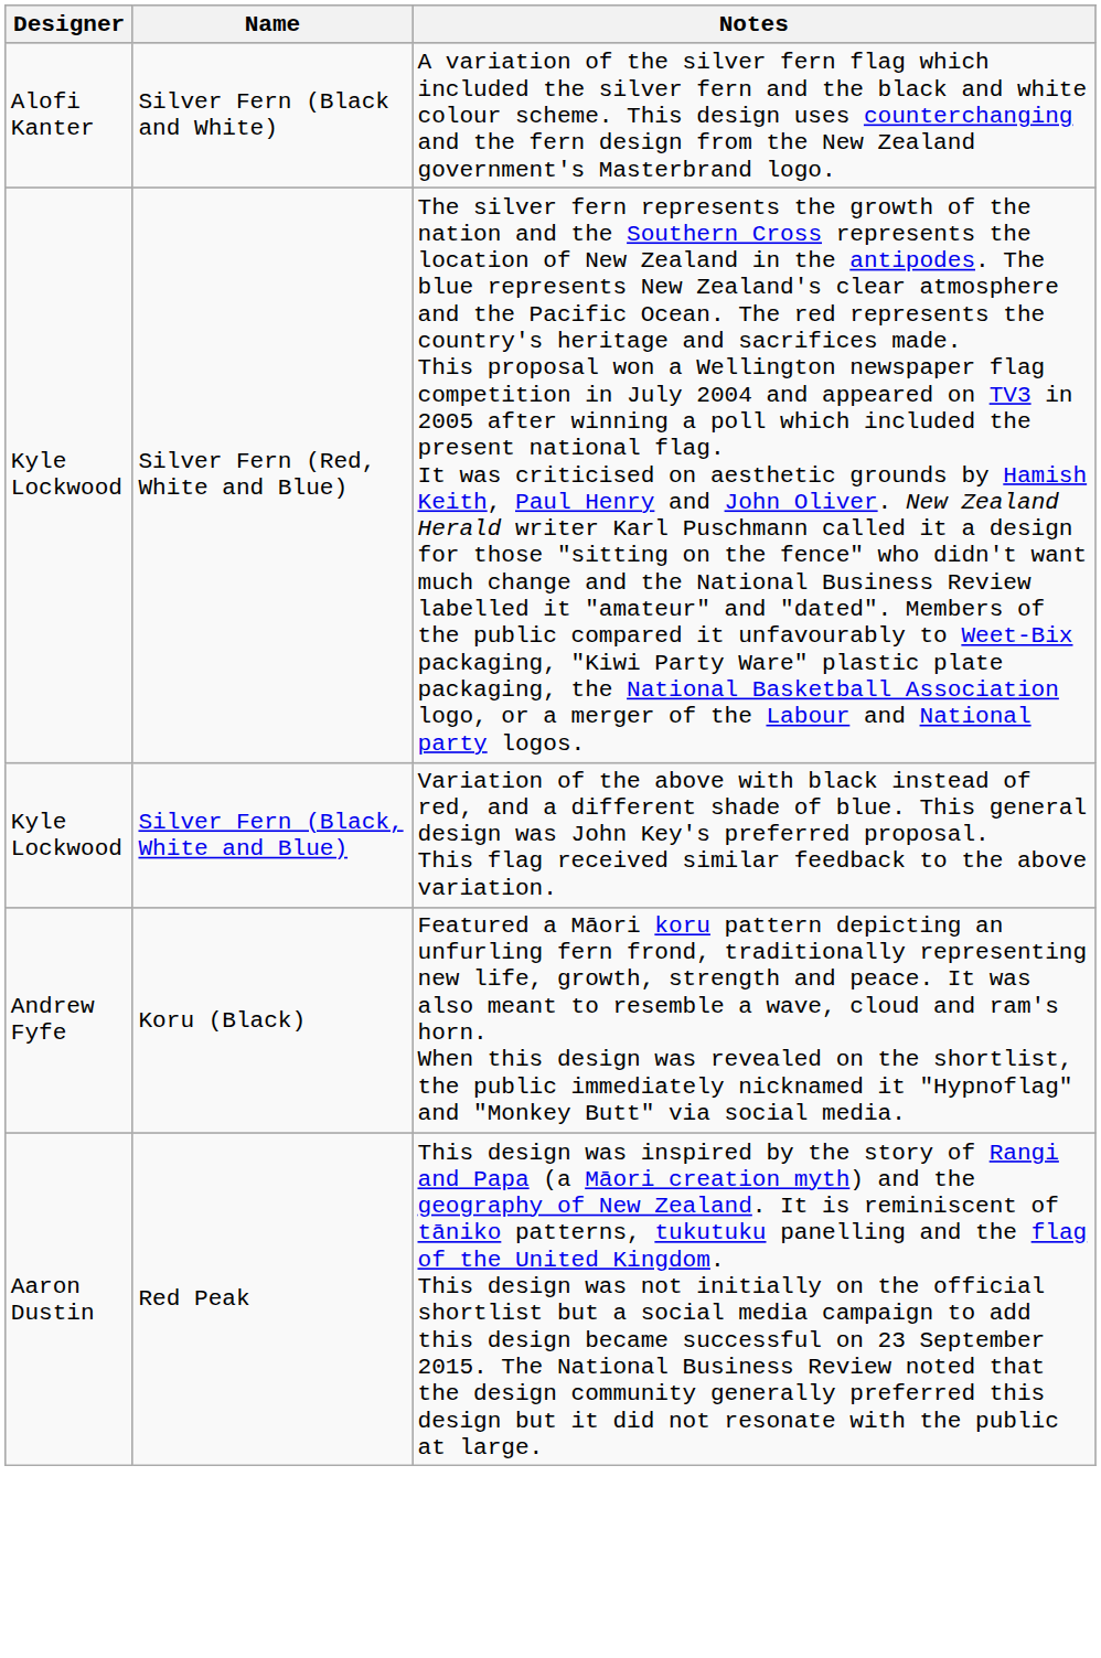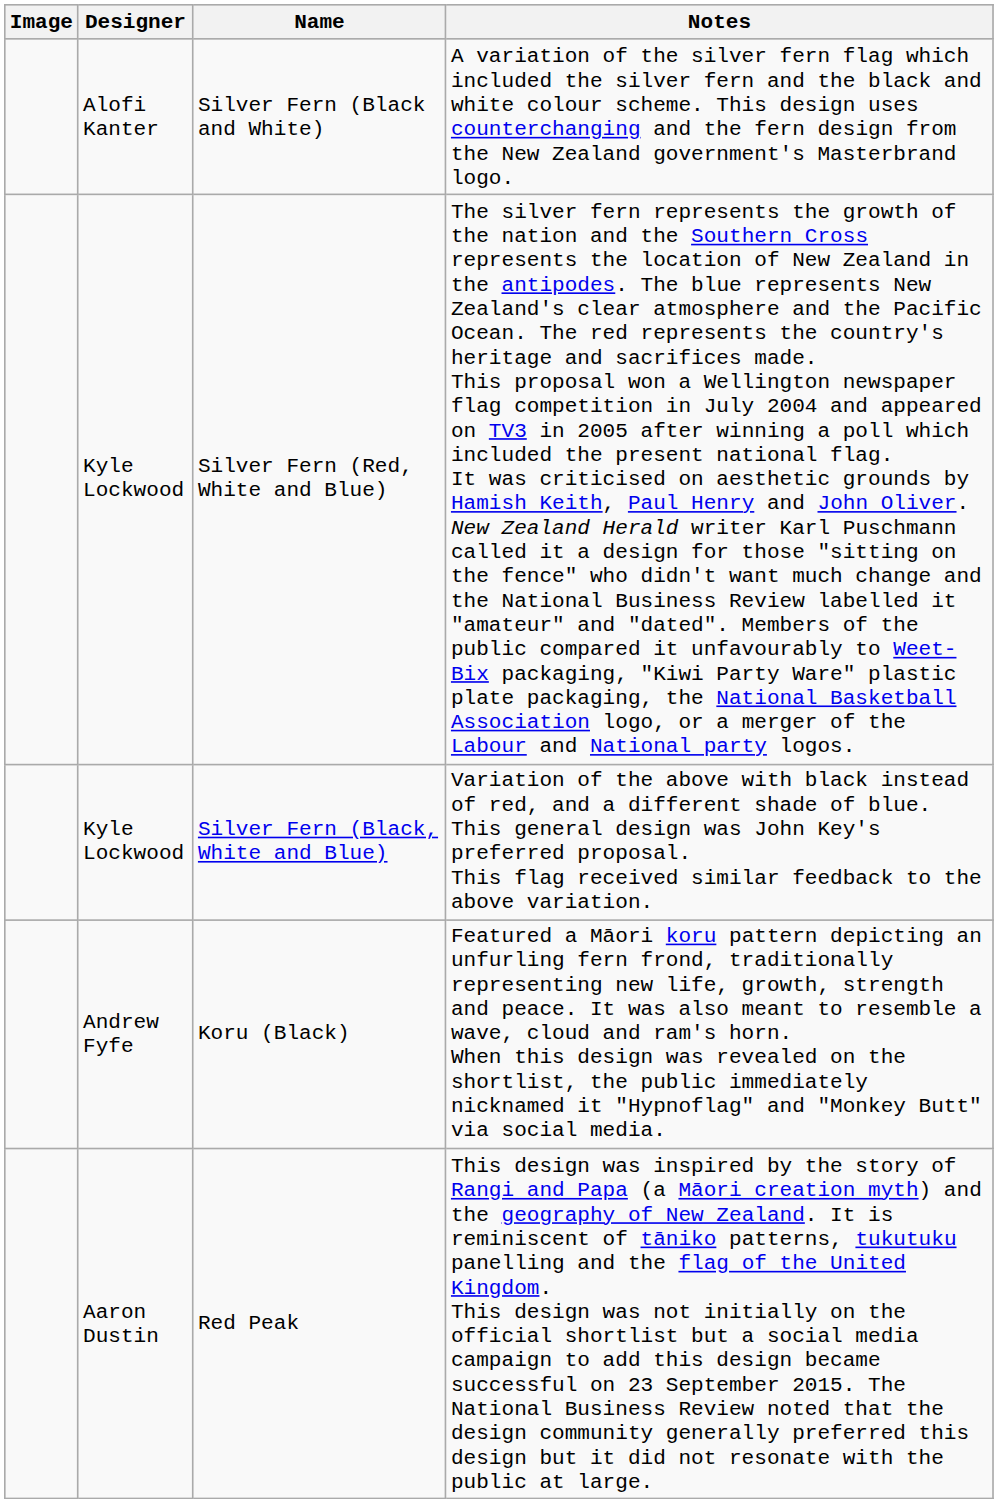 <table class="wikitable">
 <tr>
+<th>Image</th>
 <th>Designer</th>
 <th width="150px">Name</th>
 <th>Notes</th>
 </tr>
 <tr>
+<td></td>
 <td>Alofi Kanter</td>
 <td>Silver Fern (Black and White)</td>
 <td>A variation of the silver fern flag which included the silver fern and the black and white colour scheme. This design uses <a href='#'>counterchanging</a> and the fern design from the New Zealand government's Masterbrand logo.</td>
 </tr>
 <tr>
+<td></td>
 <td>Kyle Lockwood</td>
 <td>Silver Fern (Red, White and Blue)</td>
 <td>The silver fern represents the growth of the nation and the <a href='#'>Southern Cross</a> represents the location of New Zealand in the <a href='#'>antipodes</a>. The blue represents New Zealand's clear atmosphere and the Pacific Ocean. The red represents the country's heritage and sacrifices made.<br>This proposal won a Wellington newspaper flag competition in July 2004 and appeared on <a href='#'>TV3</a> in 2005 after winning a poll which included the present national flag.  <br> It was criticised on aesthetic grounds by <a href='#'>Hamish Keith</a>, <a href='#'>Paul Henry</a> and <a href='#'>John Oliver</a>. <em>New Zealand Herald</em> writer Karl Puschmann called it a design for those "sitting on the fence" who didn't want much change and the National Business Review labelled it "amateur" and "dated". Members of the public compared it unfavourably to <a href='#'>Weet-Bix</a> packaging, "Kiwi Party Ware" plastic plate packaging, the <a href='#'>National Basketball Association</a> logo, or a merger of the <a href='#'>Labour</a> and <a href='#'>National party</a> logos.</td>
 </tr>
 <tr>
+<td></td>
 <td>Kyle Lockwood</td>
 <td><a href='#'>Silver Fern (Black, White and Blue)</a></td>
 <td>Variation of the above with black instead of red, and a different shade of blue. This general design was John Key's preferred proposal.<br>This flag received similar feedback to the above variation.</td>
 </tr>
 <tr>
+<td></td>
 <td>Andrew Fyfe</td>
 <td>Koru (Black)</td>
 <td>Featured a Māori <a href='#'>koru</a> pattern depicting an unfurling fern frond, traditionally representing new life, growth, strength and peace. It was also meant to resemble a wave, cloud and ram's horn.<br>When this design was revealed on the shortlist, the public immediately nicknamed it "Hypnoflag" and "Monkey Butt" via social media.</td>
 </tr>
 <tr>
+<td></td>
 <td>Aaron Dustin</td>
 <td>Red Peak</td>
 <td>This design was inspired by the story of <a href='#'>Rangi and Papa</a> (a <a href='#'>Māori creation myth</a>) and the <a href='#'>geography of New Zealand</a>. It is reminiscent of <a href='#'>tāniko</a> patterns, <a href='#'>tukutuku</a> panelling and the <a href='#'>flag of the United Kingdom</a>.<br>This design was not initially on the official shortlist but a social media campaign to add this design became successful on 23 September 2015. The National Business Review noted that the design community generally preferred this design but it did not resonate with the public at large.</td>
 </tr>
 </table>
